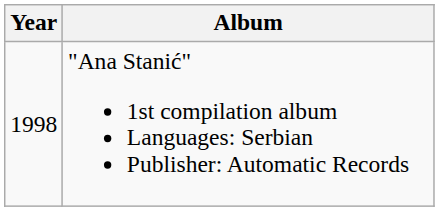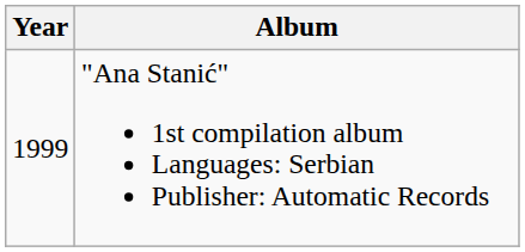 <table class="wikitable">
 <tr>
 <th width="18" rowspan="1">Year</th>
 <th width="245" rowspan="1">Album</th>
 </tr>
 <tr>
-<td>1998</td>
+<td>1999</td>
 <td>"Ana Stanić"<br><ul><li>1st compilation album</li><li>Languages: Serbian</li><li>Publisher: Automatic Records</li></ul></td>
 </tr>
 </table>
